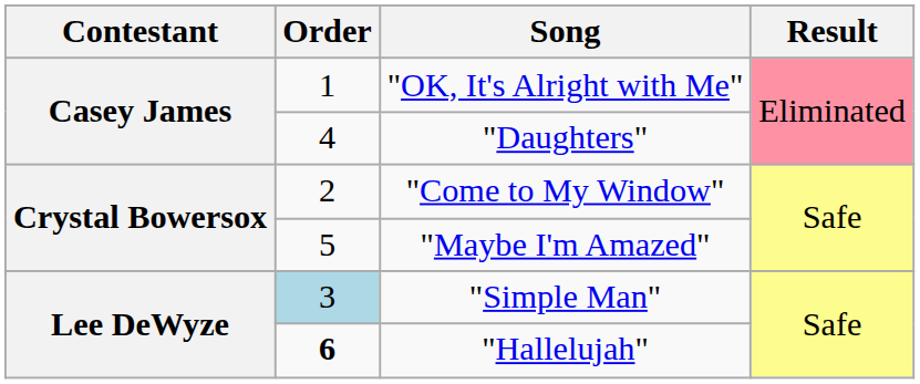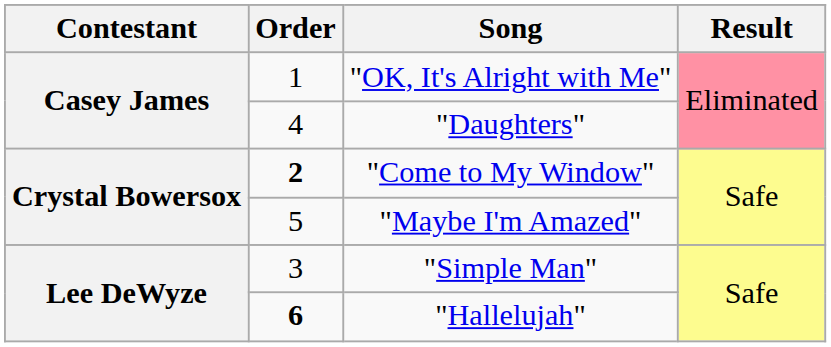 <table class="wikitable unsortable" style="text-align:center;">
 <tr>
 <th scope="col">Contestant</th>
 <th scope="col">Order</th>
 <th scope="col">Song</th>
 <th scope="col">Result</th>
 </tr>
 <tr>
 <th scope="row" rowspan="2">Casey James</th>
 <td>1</td>
 <td>"<a href='#'>OK, It's Alright with Me</a>"</td>
 <td rowspan="2" bgcolor="FF91A4">Eliminated</td>
 </tr>
 <tr>
 <td>4</td>
 <td>"<a href='#'>Daughters</a>"</td>
 </tr>
 <tr>
 <th scope="row" rowspan="2">Crystal Bowersox</th>
-<td>2</td>
+<td><strong>2</strong></td>
 <td>"<a href='#'>Come to My Window</a>"</td>
 <td rowspan="2" style="background:#FDFC8F">Safe</td>
 </tr>
 <tr>
 <td>5</td>
 <td>"<a href='#'>Maybe I'm Amazed</a>"</td>
 </tr>
 <tr>
 <th scope="row" rowspan="2">Lee DeWyze</th>
-<td style="background: lightblue;">3</td>
+<td>3</td>
 <td>"<a href='#'>Simple Man</a>"</td>
 <td rowspan="2" style="background:#FDFC8F">Safe</td>
 </tr>
 <tr>
 <td><strong>6</strong></td>
 <td>"<a href='#'>Hallelujah</a>"</td>
 </tr>
 </table>
